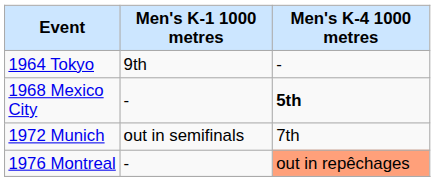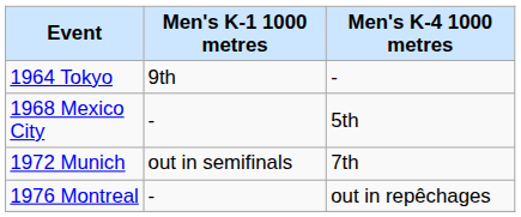 <table class="wikitable sortable" style="display: inline-table;width: 65%;">
 <tr>
 <th style="background: #cce6ff;">Event</th>
 <th style="background: #cce6ff;">Men's K-1 1000 metres</th>
 <th style="background: #cce6ff;">Men's K-4 1000 metres</th>
 </tr>
 <tr>
 <td> <a href='#'>1964 Tokyo</a></td>
 <td>9th</td>
 <td>-</td>
 </tr>
 <tr>
 <td> <a href='#'>1968 Mexico City</a></td>
 <td>-</td>
-<td><strong>5th</strong></td>
+<td>5th</td>
 </tr>
 <tr>
 <td> <a href='#'>1972 Munich</a></td>
 <td>out in semifinals</td>
 <td>7th</td>
 </tr>
 <tr>
 <td> <a href='#'>1976 Montreal</a></td>
 <td>-</td>
-<td style="background: lightsalmon;">out in repêchages</td>
+<td>out in repêchages</td>
 </tr>
 <tr>
 </tr>
 </table>
